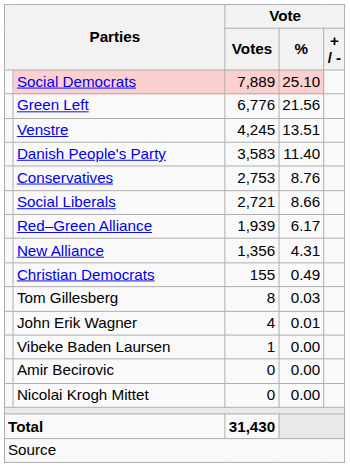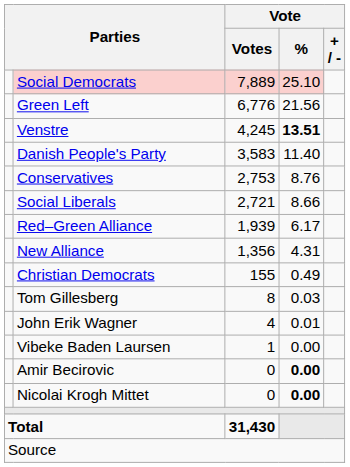 <table class="wikitable" style="text-align:right;">
 <tr>
 <th style="text-align:centre;" rowspan="2" colspan="2" width="225">Parties</th>
 <th colspan="3">Vote</th>
 </tr>
 <tr>
 <th width="15">Votes</th>
 <th width="15">%</th>
 <th width="15">+ / -</th>
 </tr>
 <tr>
 <td width="2" style="color:inherit;background:"></td>
 <td bgcolor=#fbd0ce  align="left"><a href='#'>Social Democrats</a></td>
 <td bgcolor=#fbd0ce>7,889</td>
 <td bgcolor=#fbd0ce>25.10</td>
 <td></td>
 </tr>
 <tr>
 <td width="2" style="color:inherit;background:"></td>
 <td align="left"><a href='#'>Green Left</a></td>
 <td>6,776</td>
 <td>21.56</td>
 <td></td>
 </tr>
 <tr>
 <td width="2" style="color:inherit;background:"></td>
 <td align="left"><a href='#'>Venstre</a></td>
 <td>4,245</td>
-<td>13.51</td>
+<td><strong>13.51</strong></td>
 <td></td>
 </tr>
 <tr>
 <td width="2" style="color:inherit;background:"></td>
 <td align="left"><a href='#'>Danish People's Party</a></td>
 <td>3,583</td>
 <td>11.40</td>
 <td></td>
 </tr>
 <tr>
 <td width="2" style="color:inherit;background:"></td>
 <td align="left"><a href='#'>Conservatives</a></td>
 <td>2,753</td>
 <td>8.76</td>
 <td></td>
 </tr>
 <tr>
 <td width="2" style="color:inherit;background:"></td>
 <td align="left"><a href='#'>Social Liberals</a></td>
 <td>2,721</td>
 <td>8.66</td>
 <td></td>
 </tr>
 <tr>
 <td width="2" style="color:inherit;background:"></td>
 <td align="left"><a href='#'>Red–Green Alliance</a></td>
 <td>1,939</td>
 <td>6.17</td>
 <td></td>
 </tr>
 <tr>
 <td width="2" style="color:inherit;background:"></td>
 <td align="left"><a href='#'>New Alliance</a></td>
 <td>1,356</td>
 <td>4.31</td>
 <td></td>
 </tr>
 <tr>
 <td width="2" style="color:inherit;background:"></td>
 <td align="left"><a href='#'>Christian Democrats</a></td>
 <td>155</td>
 <td>0.49</td>
 <td></td>
 </tr>
 <tr>
 <td width="2" style="color:inherit;background:"></td>
 <td align="left">Tom Gillesberg</td>
 <td>8</td>
 <td>0.03</td>
 <td></td>
 </tr>
 <tr>
 <td width="2" style="color:inherit;background:"></td>
 <td align="left">John Erik Wagner</td>
 <td>4</td>
 <td>0.01</td>
 <td></td>
 </tr>
 <tr>
 <td width="2" style="color:inherit;background:"></td>
 <td align="left">Vibeke Baden Laursen</td>
 <td>1</td>
 <td>0.00</td>
 <td></td>
 </tr>
 <tr>
 <td width="2" style="color:inherit;background:"></td>
 <td align="left">Amir Becirovic</td>
 <td>0</td>
-<td>0.00</td>
+<td><strong>0.00</strong></td>
 <td></td>
 </tr>
 <tr>
 <td width="2" style="color:inherit;background:"></td>
 <td align="left">Nicolai Krogh Mittet</td>
 <td>0</td>
-<td>0.00</td>
+<td><strong>0.00</strong></td>
 <td></td>
 </tr>
 <tr>
 <td colspan="7" bgcolor="#E9E9E9"></td>
 </tr>
 <tr>
 <td align="left" colspan="2"><strong>Total</strong></td>
 <td><strong>31,430</strong></td>
 <td bgcolor="#E9E9E9" colspan="2"></td>
 </tr>
 <tr>
 <td align="left" colspan="6">Source</td>
 </tr>
 </table>
